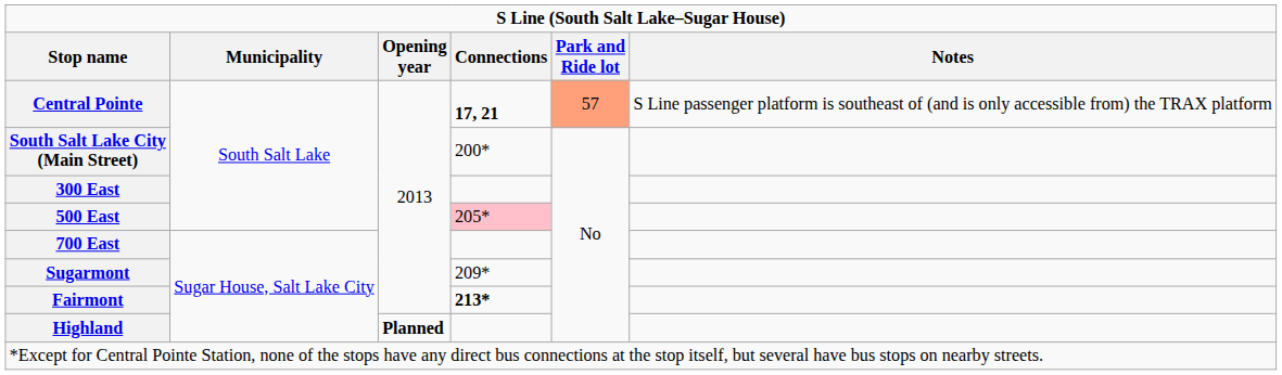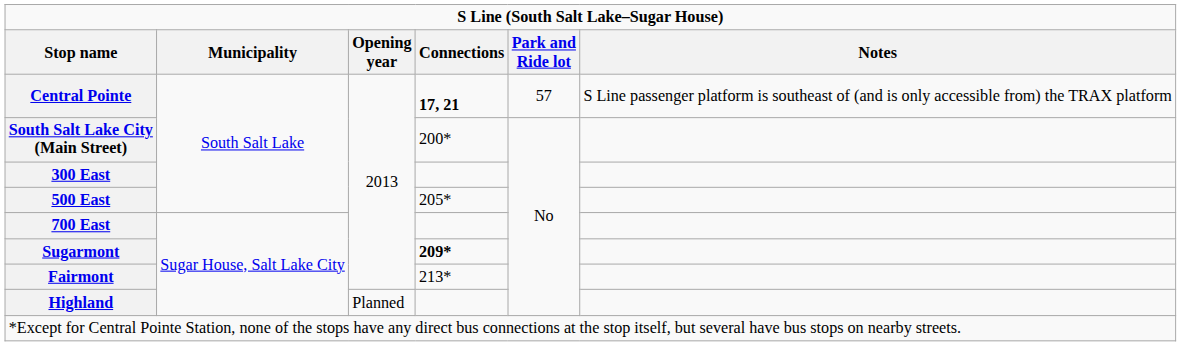 <table class="wikitable" style="margin:1em auto;">
 <tr>
 <td colspan="8" style="text-align:center; color:black;"><strong>S Line (South Salt Lake–Sugar House)</strong></td>
 </tr>
 <tr>
 <th>Stop name</th>
 <th>Municipality</th>
 <th>Opening<br>year</th>
 <th>Connections</th>
 <th><a href='#'>Park and<br>Ride lot</a></th>
 <th>Notes</th>
 </tr>
 <tr>
 <th><a href='#'>Central Pointe</a></th>
 <td rowspan="4" style="text-align:center;"><a href='#'>South Salt Lake</a></td>
 <td rowspan="7" style="text-align:center;">2013</td>
 <td><strong>   <br> 17, 21</strong></td>
-<td style="background: lightsalmon; text-align:center;">57</td>
+<td style="text-align:center;">57</td>
 <td>S Line passenger platform is southeast of (and is only accessible from) the TRAX platform</td>
 </tr>
 <tr>
 <th><a href='#'>South Salt Lake City</a><br>(Main Street)</th>
 <td> 200*</td>
 <td rowspan="7" style="text-align:center;">No</td>
 <td></td>
 </tr>
 <tr>
 <th><a href='#'>300 East</a></th>
 <td></td>
 <td></td>
 </tr>
 <tr>
 <th><a href='#'>500 East</a></th>
-<td style="background: pink;"> 205*</td>
+<td> 205*</td>
 <td></td>
 </tr>
 <tr>
 <th><a href='#'>700 East</a></th>
 <td rowspan="4" style="text-align:center;"><a href='#'>Sugar House, Salt Lake City</a></td>
 <td></td>
 <td></td>
 </tr>
 <tr>
 <th><a href='#'>Sugarmont</a><br></th>
-<td> 209*</td>
+<td><strong> 209*</strong></td>
 <td></td>
 </tr>
 <tr>
 <th><a href='#'>Fairmont</a><br></th>
-<td><strong> 213*</strong></td>
+<td> 213*</td>
 <td></td>
 </tr>
 <tr>
 <th><a href='#'>Highland</a></th>
-<td><strong>Planned</strong></td>
+<td>Planned</td>
 <td></td>
 </tr>
 <tr>
 <td colspan="6" style="text-align:left;">*Except for Central Pointe Station, none of the stops have any direct bus connections at the stop itself, but several have bus stops on nearby streets.</td>
 </tr>
 </table>
